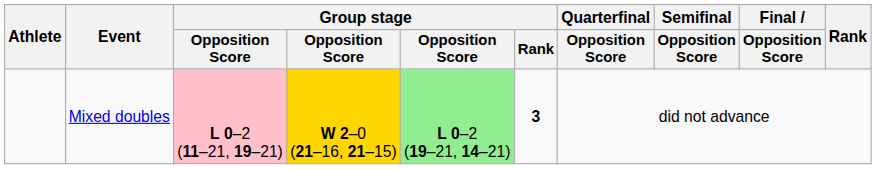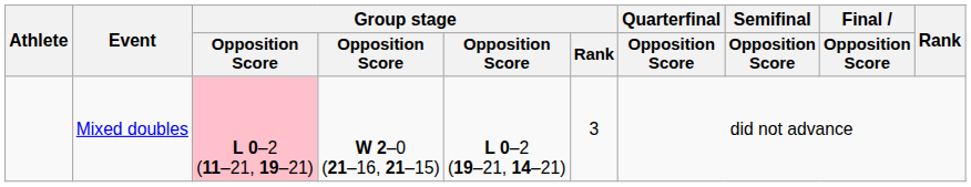 <table class="wikitable" style="font-size:90%">
 <tr>
 <th rowspan=2>Athlete</th>
 <th rowspan=2>Event</th>
 <th colspan=4>Group stage</th>
 <th>Quarterfinal</th>
 <th>Semifinal</th>
 <th>Final / </th>
 <th rowspan=2>Rank</th>
 </tr>
 <tr style="font-size:95%">
 <th>Opposition<br>Score</th>
 <th>Opposition<br>Score</th>
 <th>Opposition<br>Score</th>
 <th>Rank</th>
 <th>Opposition<br>Score</th>
 <th>Opposition<br>Score</th>
 <th>Opposition<br>Score</th>
 </tr>
 <tr align=center>
 <td align=left><br></td>
 <td align=left><a href='#'>Mixed doubles</a></td>
 <td style="background: pink;"> <br>  <br><br><strong>L</strong> <strong>0</strong>–2 <br> (<strong>11</strong>–21, <strong>19</strong>–21)</td>
-<td style="background: gold;"> <br>  <br><br><strong>W</strong> <strong>2</strong>–0 <br> (<strong>21</strong>–16, <strong>21</strong>–15)</td>
-<td style="background: lightgreen;"> <br>  <br><br><strong>L</strong> <strong>0</strong>–2 <br> (<strong>19</strong>–21, <strong>14</strong>–21)</td>
-<td><strong>3</strong></td>
+<td> <br>  <br><br><strong>W</strong> <strong>2</strong>–0 <br> (<strong>21</strong>–16, <strong>21</strong>–15)</td>
+<td> <br>  <br><br><strong>L</strong> <strong>0</strong>–2 <br> (<strong>19</strong>–21, <strong>14</strong>–21)</td>
+<td>3</td>
 <td colspan=4>did not advance</td>
 </tr>
 </table>
